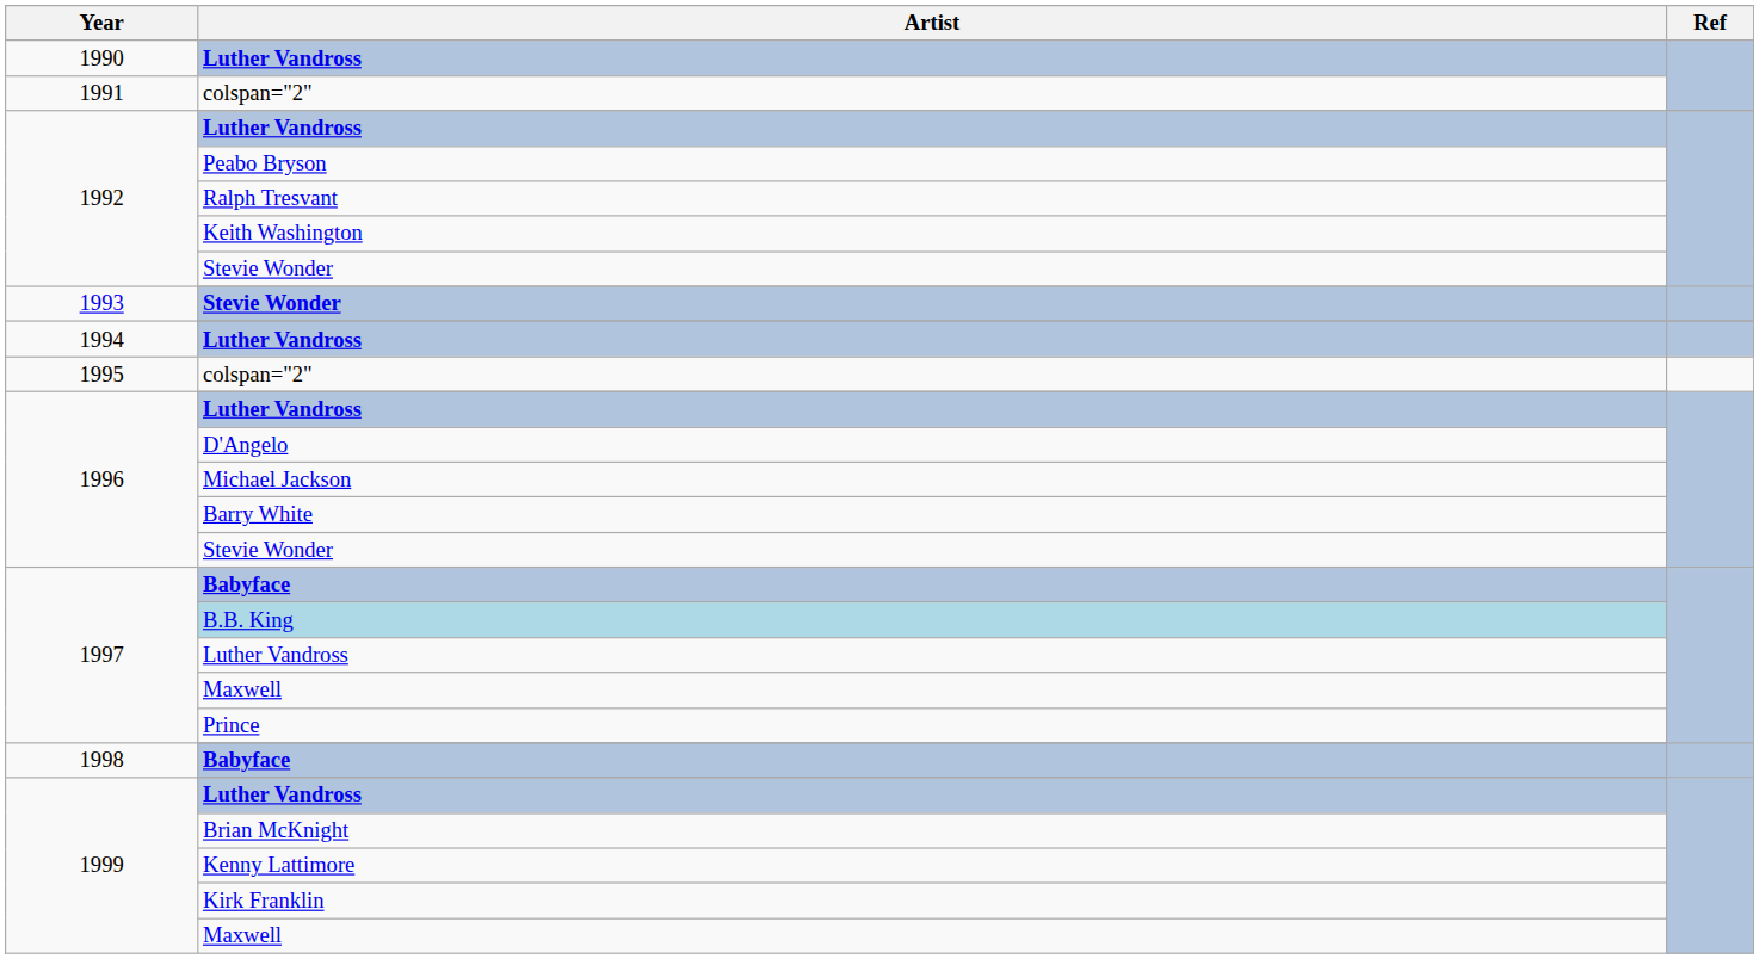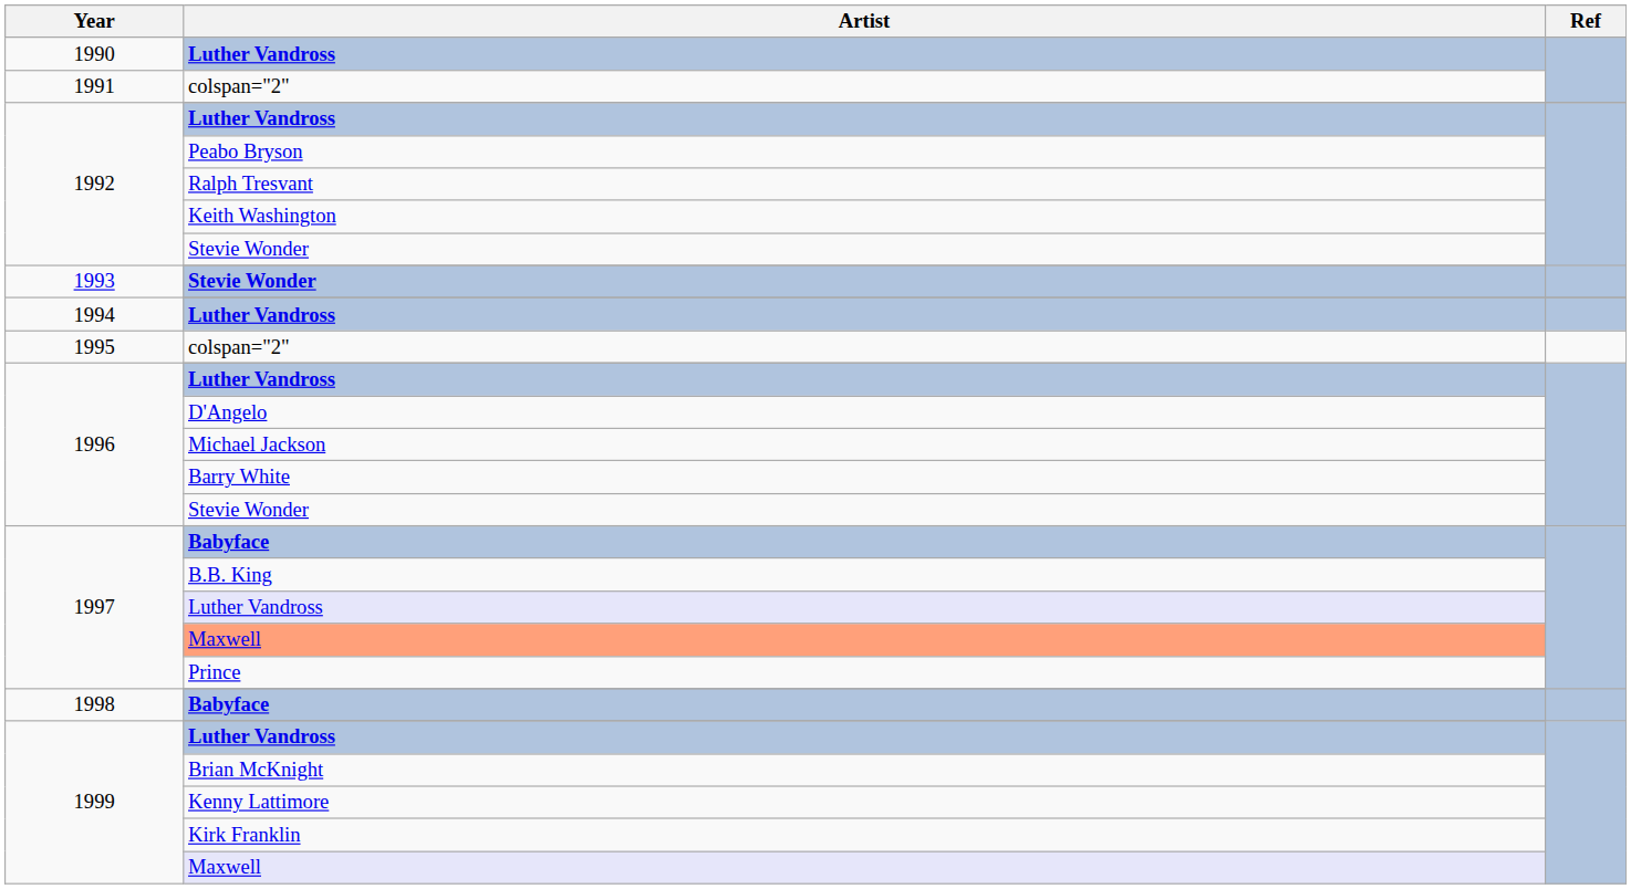 <table class="wikitable" style="width:100%;">
 <tr style="background:#bebebe;">
 <th style="width:11%;">Year</th>
 <th style="width:84%;">Artist</th>
 <th style="width:5%;">Ref</th>
 </tr>
 <tr>
 <td rowspan="2" align="center">1990</td>
 </tr>
 <tr style="background:#B0C4DE">
 <td><strong><a href='#'>Luther Vandross</a></strong></td>
 <td rowspan="2" align="center"></td>
 </tr>
 <tr>
 <td align="center">1991</td>
 <td>colspan="2" </td>
 </tr>
 <tr>
 <td rowspan="6" align="center">1992</td>
 </tr>
 <tr style="background:#B0C4DE">
 <td><strong><a href='#'>Luther Vandross</a></strong></td>
 <td rowspan="6" align="center"></td>
 </tr>
 <tr>
 <td><a href='#'>Peabo Bryson</a></td>
 </tr>
 <tr>
 <td><a href='#'>Ralph Tresvant</a></td>
 </tr>
 <tr>
 <td><a href='#'>Keith Washington</a></td>
 </tr>
 <tr>
 <td><a href='#'>Stevie Wonder</a></td>
 </tr>
 <tr>
 <td rowspan="2" align="center"><a href='#'>1993</a></td>
 </tr>
 <tr style="background:#B0C4DE">
 <td><strong><a href='#'>Stevie Wonder</a></strong></td>
 <td align="center"></td>
 </tr>
 <tr>
 <td rowspan="2" align="center">1994</td>
 </tr>
 <tr style="background:#B0C4DE">
 <td><strong><a href='#'>Luther Vandross</a></strong></td>
 <td align="center"></td>
 </tr>
 <tr>
 <td align="center">1995</td>
 <td>colspan="2" </td>
 </tr>
 <tr>
 <td rowspan="6" align="center">1996</td>
 </tr>
 <tr style="background:#B0C4DE">
 <td><strong><a href='#'>Luther Vandross</a></strong></td>
 <td rowspan="6" align="center"></td>
 </tr>
 <tr>
 <td><a href='#'>D'Angelo</a></td>
 </tr>
 <tr>
 <td><a href='#'>Michael Jackson</a></td>
 </tr>
 <tr>
 <td><a href='#'>Barry White</a></td>
 </tr>
 <tr>
 <td><a href='#'>Stevie Wonder</a></td>
 </tr>
 <tr>
 <td rowspan="6" align="center">1997</td>
 </tr>
 <tr style="background:#B0C4DE">
 <td><strong><a href='#'>Babyface</a></strong></td>
 <td rowspan="6" align="center"></td>
 </tr>
 <tr>
-<td style="background: lightblue;"><a href='#'>B.B. King</a></td>
+<td><a href='#'>B.B. King</a></td>
 </tr>
 <tr>
-<td><a href='#'>Luther Vandross</a></td>
+<td style="background: lavender;"><a href='#'>Luther Vandross</a></td>
 </tr>
 <tr>
-<td><a href='#'>Maxwell</a></td>
+<td style="background: lightsalmon;"><a href='#'>Maxwell</a></td>
 </tr>
 <tr>
 <td><a href='#'>Prince</a></td>
 </tr>
 <tr>
 <td rowspan="2" align="center">1998</td>
 </tr>
 <tr style="background:#B0C4DE">
 <td><strong><a href='#'>Babyface</a></strong></td>
 <td rowspan="2" align="center"></td>
 </tr>
 <tr>
 <td rowspan="6" align="center">1999</td>
 </tr>
 <tr style="background:#B0C4DE">
 <td><strong><a href='#'>Luther Vandross</a></strong></td>
 <td rowspan="6" align="center"></td>
 </tr>
 <tr>
 <td><a href='#'>Brian McKnight</a></td>
 </tr>
 <tr>
 <td><a href='#'>Kenny Lattimore</a></td>
 </tr>
 <tr>
 <td><a href='#'>Kirk Franklin</a></td>
 </tr>
 <tr>
-<td><a href='#'>Maxwell</a></td>
+<td style="background: lavender;"><a href='#'>Maxwell</a></td>
 </tr>
 </table>
